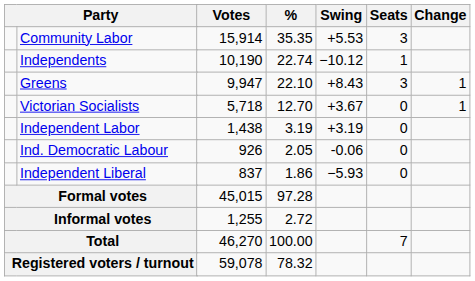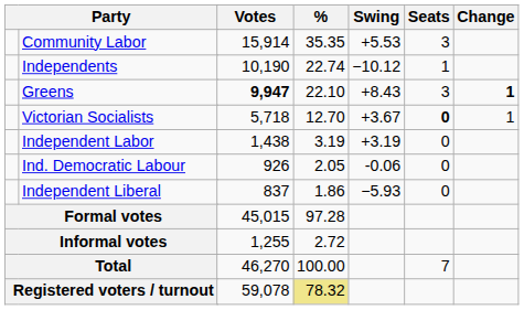 <table class="wikitable" style="text-align:right; margin-bottom:0">
 <tr>
 <th style="width:10px" colspan=3>Party</th>
 <th style="width:70px;">Votes</th>
 <th style="width:40px;">%</th>
 <th style="width:40px;">Swing</th>
 <th style="width:40px;">Seats</th>
 <th style="width:40px;">Change</th>
 </tr>
 <tr>
 <td> </td>
 <td colspan="2" style="text-align:left;"><a href='#'>Community Labor</a></td>
 <td>15,914</td>
 <td>35.35</td>
 <td>+5.53</td>
 <td>3</td>
 <td></td>
 </tr>
 <tr>
 <td> </td>
 <td style="text-align:left;" colspan="2"><a href='#'>Independents</a></td>
 <td>10,190</td>
 <td>22.74</td>
 <td>−10.12</td>
 <td>1</td>
 <td></td>
 </tr>
 <tr>
 <td> </td>
 <td style="text-align:left;" colspan="2"><a href='#'>Greens</a></td>
-<td>9,947</td>
+<td><strong>9,947</strong></td>
 <td>22.10</td>
 <td>+8.43</td>
 <td>3</td>
-<td> 1</td>
+<td><strong> 1</strong></td>
 </tr>
 <tr>
 <td> </td>
 <td style="text-align:left;" colspan="2"><a href='#'>Victorian Socialists</a></td>
 <td>5,718</td>
 <td>12.70</td>
 <td>+3.67</td>
-<td>0</td>
+<td><strong>0</strong></td>
 <td> 1</td>
 </tr>
 <tr>
 <td> </td>
 <td colspan="2" style="text-align:left;"><a href='#'>Independent Labor</a></td>
 <td>1,438</td>
 <td>3.19</td>
 <td>+3.19</td>
 <td>0</td>
 <td></td>
 </tr>
 <tr>
 <td> </td>
 <td colspan="2" style="text-align:left;"><a href='#'>Ind. Democratic Labour</a></td>
 <td>926</td>
 <td>2.05</td>
 <td>-0.06</td>
 <td>0</td>
 <td></td>
 </tr>
 <tr>
 <td> </td>
 <td colspan="2" style="text-align:left;"><a href='#'>Independent Liberal</a></td>
 <td>837</td>
 <td>1.86</td>
 <td>−5.93</td>
 <td>0</td>
 <td></td>
 </tr>
 <tr>
 <th colspan="3" rowspan="1"> Formal votes</th>
 <td>45,015</td>
 <td>97.28</td>
 <td></td>
 <td></td>
 <td></td>
 </tr>
 <tr>
 <th colspan="3" rowspan="1"> Informal votes</th>
 <td>1,255</td>
 <td>2.72</td>
 <td></td>
 <td></td>
 <td></td>
 </tr>
 <tr>
 <th colspan="3" rowspan="1"> Total</th>
 <td>46,270</td>
 <td>100.00</td>
 <td></td>
 <td>7</td>
 <td></td>
 </tr>
 <tr>
 <th colspan="3" rowspan="1"> Registered voters / turnout</th>
 <td>59,078</td>
-<td>78.32</td>
+<td style="background: khaki;">78.32</td>
 <td></td>
 <td></td>
 <td></td>
 </tr>
 </table>
